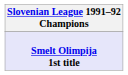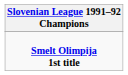 <table class="wikitable" style="text-align: center; margin: 0 auto;">
 <tr>
 <th><a href='#'>Slovenian League</a> 1991–92<br>Champions</th>
 </tr>
 <tr>
 </tr>
 <tr>
-<td style="background: lavender;"><br><strong><a href='#'>Smelt Olimpija</a></strong><br><strong>1st title</strong></td>
+<td><br><strong><a href='#'>Smelt Olimpija</a></strong><br><strong>1st title</strong></td>
 </tr>
 </table>
